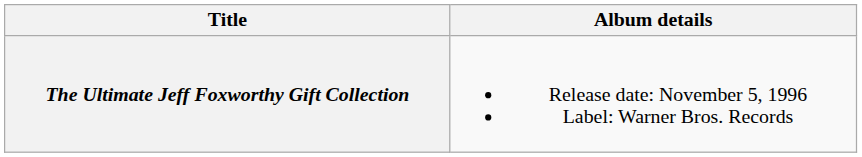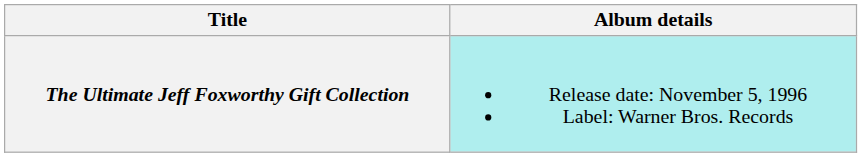 <table class="wikitable plainrowheaders" style="text-align:center;">
 <tr>
 <th style="width:22em;">Title</th>
 <th style="width:20em;">Album details</th>
 </tr>
 <tr>
 <th scope="row"><em>The Ultimate Jeff Foxworthy Gift Collection</em></th>
-<td><br><ul><li>Release date: November 5, 1996</li><li>Label: Warner Bros. Records</li></ul></td>
+<td style="background: paleturquoise;"><br><ul><li>Release date: November 5, 1996</li><li>Label: Warner Bros. Records</li></ul></td>
 </tr>
 </table>
